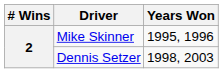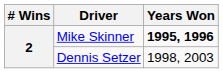 <table class="wikitable" style="font-size: 95%;">
 <tr>
 <th># Wins</th>
 <th>Driver</th>
 <th>Years Won</th>
 </tr>
 <tr>
 <th rowspan="2">2</th>
 <td><a href='#'>Mike Skinner</a></td>
-<td>1995, 1996</td>
+<td><strong>1995, 1996</strong></td>
 </tr>
 <tr>
 <td><a href='#'>Dennis Setzer</a></td>
 <td>1998, 2003</td>
 </tr>
 </table>
